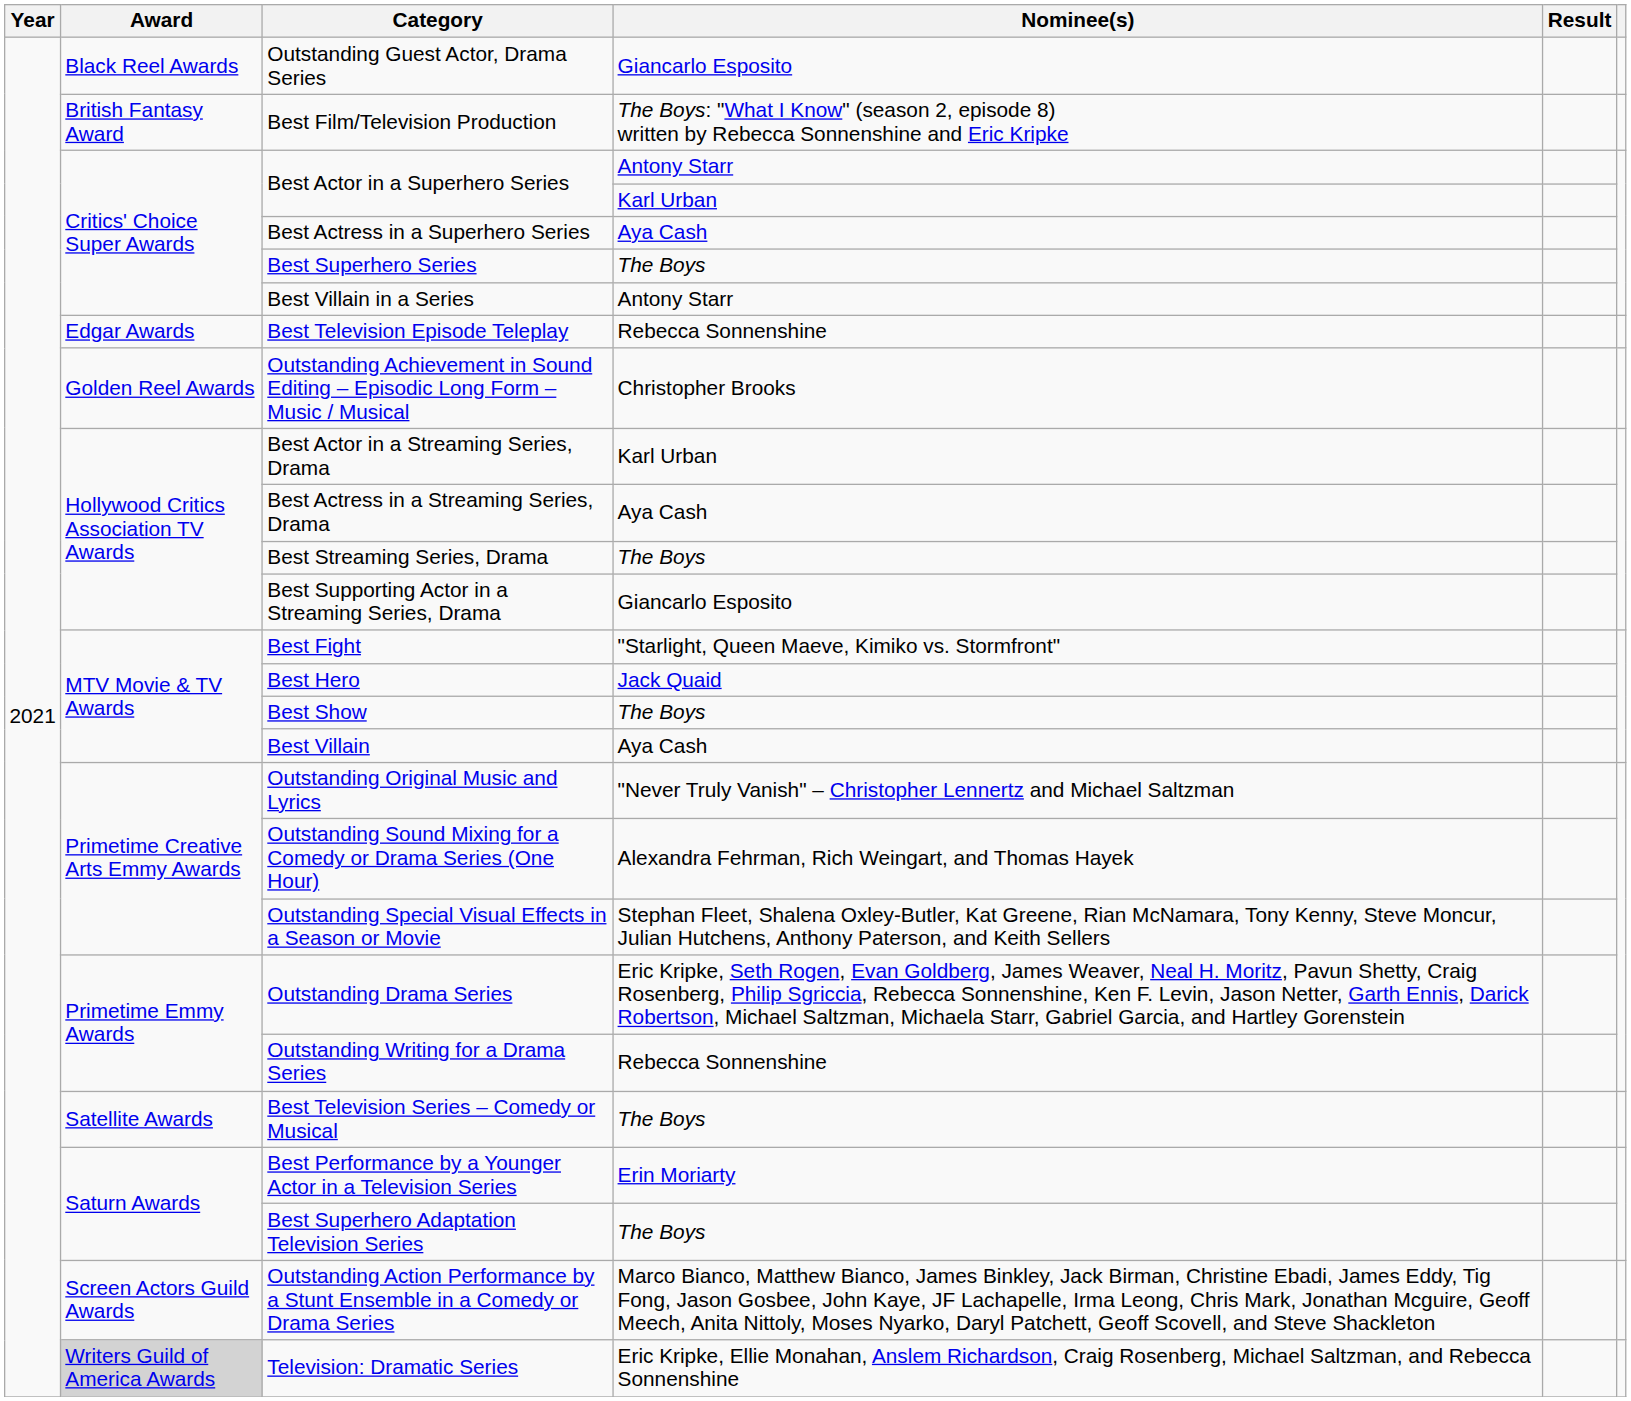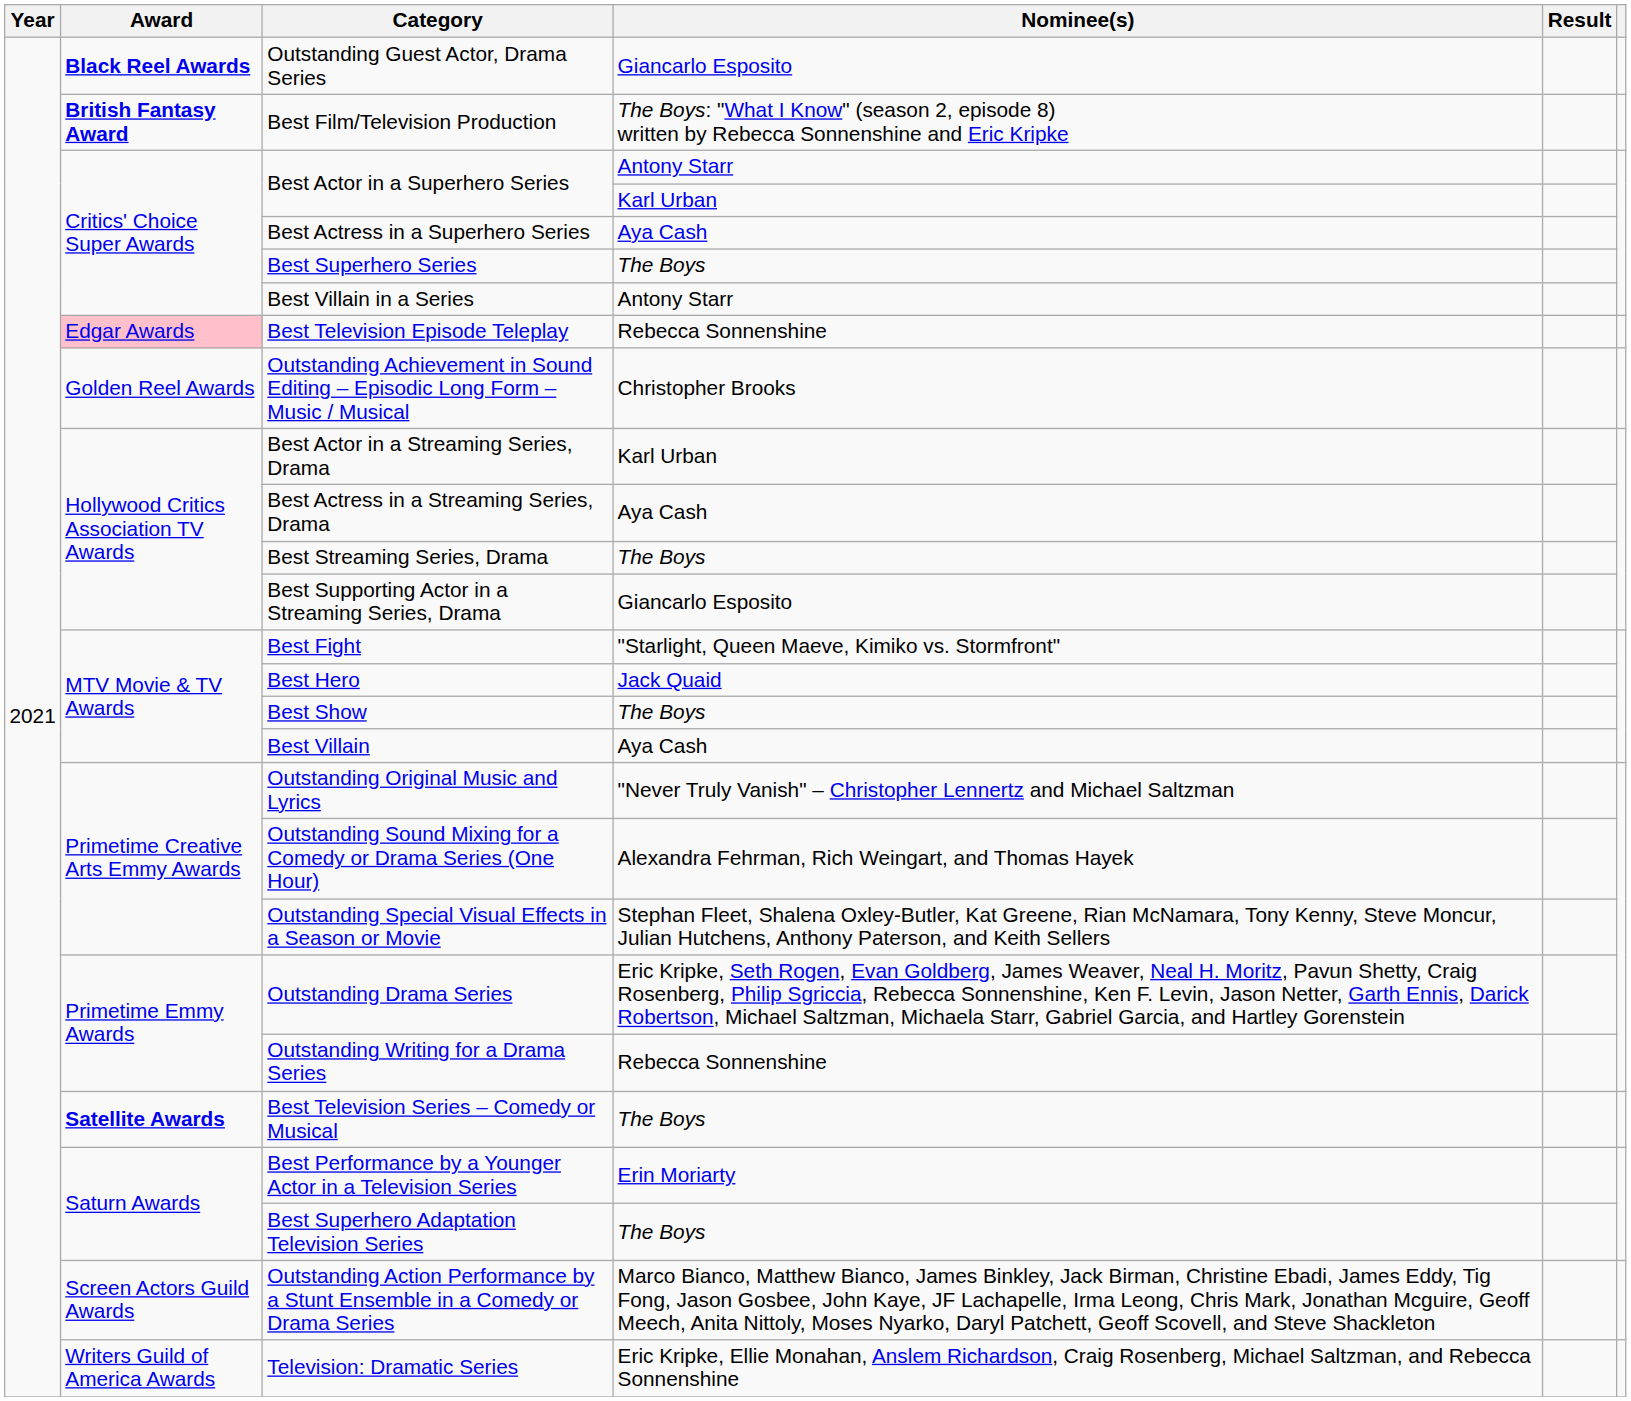 <table class="wikitable sortable">
 <tr>
 <th>Year</th>
 <th>Award</th>
 <th>Category</th>
 <th>Nominee(s)</th>
 <th>Result</th>
 <th class="unsortable"></th>
 </tr>
 <tr>
 <td style="text-align: center;" rowspan="27">2021</td>
-<td><a href='#'>Black Reel Awards</a></td>
+<td><strong><a href='#'>Black Reel Awards</a></strong></td>
 <td>Outstanding Guest Actor, Drama Series</td>
 <td><a href='#'>Giancarlo Esposito</a></td>
 <td></td>
 <td style="text-align: center;"></td>
 </tr>
 <tr>
-<td><a href='#'>British Fantasy Award</a></td>
+<td><strong><a href='#'>British Fantasy Award</a></strong></td>
 <td>Best Film/Television Production</td>
 <td><em>The Boys</em>: "<a href='#'>What I Know</a>" (season 2, episode 8)<br>written by Rebecca Sonnenshine and <a href='#'>Eric Kripke</a></td>
 <td></td>
 <td style="text-align: center;"></td>
 </tr>
 <tr>
 <td rowspan="5"><a href='#'>Critics' Choice Super Awards</a></td>
 <td rowspan="2">Best Actor in a Superhero Series</td>
 <td data-sort-value="Starr, Anthony"><a href='#'>Antony Starr</a></td>
 <td></td>
 <td rowspan="5" style="text-align: center;"></td>
 </tr>
 <tr>
 <td data-sort-value="Urban, Karl"><a href='#'>Karl Urban</a></td>
 <td></td>
 </tr>
 <tr>
 <td>Best Actress in a Superhero Series</td>
 <td data-sort-value="Cash, Aya"><a href='#'>Aya Cash</a></td>
 <td></td>
 </tr>
 <tr>
 <td><a href='#'>Best Superhero Series</a></td>
 <td data-sort-value="Boys, The"><em>The Boys</em></td>
 <td></td>
 </tr>
 <tr>
 <td>Best Villain in a Series</td>
 <td data-sort-value="Starr, Anthony">Antony Starr</td>
 <td></td>
 </tr>
 <tr>
-<td><a href='#'>Edgar Awards</a></td>
+<td style="background: pink;"><a href='#'>Edgar Awards</a></td>
 <td><a href='#'>Best Television Episode Teleplay</a></td>
 <td>Rebecca Sonnenshine </td>
 <td></td>
 <td style="text-align: center;"></td>
 </tr>
 <tr>
 <td><a href='#'>Golden Reel Awards</a></td>
 <td><a href='#'>Outstanding Achievement in Sound Editing – Episodic Long Form – Music / Musical</a></td>
 <td data-sort-value="Brooks, Christopher">Christopher Brooks </td>
 <td></td>
 <td style="text-align: center;"></td>
 </tr>
 <tr>
 <td rowspan="4"><a href='#'>Hollywood Critics Association TV Awards</a></td>
 <td>Best Actor in a Streaming Series, Drama</td>
 <td data-sort-value="Urban, Karl">Karl Urban</td>
 <td></td>
 <td rowspan="4" style="text-align:center;"></td>
 </tr>
 <tr>
 <td>Best Actress in a Streaming Series, Drama</td>
 <td data-sort-value="Cash, Aya">Aya Cash</td>
 <td></td>
 </tr>
 <tr>
 <td>Best Streaming Series, Drama</td>
 <td data-sort-value="Boys, The"><em>The Boys</em></td>
 <td></td>
 </tr>
 <tr>
 <td>Best Supporting Actor in a Streaming Series, Drama</td>
 <td data-sort-value="Esposito, Giancarlo">Giancarlo Esposito</td>
 <td></td>
 </tr>
 <tr>
 <td rowspan="4"><a href='#'>MTV Movie & TV Awards</a></td>
 <td><a href='#'>Best Fight</a></td>
 <td data-sort-value="Starlight, Queen Maeve, Kimiko vs. Stormfront">"Starlight, Queen Maeve, Kimiko vs. Stormfront"</td>
 <td></td>
 <td rowspan="4" style="text-align: center;"></td>
 </tr>
 <tr>
 <td><a href='#'>Best Hero</a></td>
 <td data-sort-value="Quaid, Jack"><a href='#'>Jack Quaid</a></td>
 <td></td>
 </tr>
 <tr>
 <td><a href='#'>Best Show</a></td>
 <td data-sort-value="Boys, The"><em>The Boys</em></td>
 <td></td>
 </tr>
 <tr>
 <td><a href='#'>Best Villain</a></td>
 <td data-sort-value="Cash, Aya">Aya Cash</td>
 <td></td>
 </tr>
 <tr>
 <td rowspan="3"><a href='#'>Primetime Creative Arts Emmy Awards</a></td>
 <td><a href='#'>Outstanding Original Music and Lyrics</a></td>
 <td data-sort-value="Never Truly Vanish">"Never Truly Vanish" – <a href='#'>Christopher Lennertz</a> and Michael Saltzman </td>
 <td></td>
 <td rowspan="5" style="text-align:center;"></td>
 </tr>
 <tr>
 <td><a href='#'>Outstanding Sound Mixing for a Comedy or Drama Series (One Hour)</a></td>
 <td data-sort-value="Fehrman, Alexandra, Rich Weingart">Alexandra Fehrman, Rich Weingart, and Thomas Hayek </td>
 <td></td>
 </tr>
 <tr>
 <td><a href='#'>Outstanding Special Visual Effects in a Season or Movie</a></td>
 <td data-sort-value="Fleet, Stephan, Shalena Oxley-Butler">Stephan Fleet, Shalena Oxley-Butler, Kat Greene, Rian McNamara, Tony Kenny, Steve Moncur, Julian Hutchens, Anthony Paterson, and Keith Sellers</td>
 <td></td>
 </tr>
 <tr>
 <td rowspan="2"><a href='#'>Primetime Emmy Awards</a></td>
 <td><a href='#'>Outstanding Drama Series</a></td>
 <td data-sort-value="Kripke, Eric, Seth Rogen, Evan Goldberg">Eric Kripke, <a href='#'>Seth Rogen</a>, <a href='#'>Evan Goldberg</a>, James Weaver, <a href='#'>Neal H. Moritz</a>, Pavun Shetty, Craig Rosenberg, <a href='#'>Philip Sgriccia</a>, Rebecca Sonnenshine, Ken F. Levin, Jason Netter, <a href='#'>Garth Ennis</a>, <a href='#'>Darick Robertson</a>, Michael Saltzman, Michaela Starr, Gabriel Garcia, and Hartley Gorenstein</td>
 <td></td>
 </tr>
 <tr>
 <td><a href='#'>Outstanding Writing for a Drama Series</a></td>
 <td data-sort-value="Sonnenshine, Rebecca">Rebecca Sonnenshine </td>
 <td></td>
 </tr>
 <tr>
-<td><a href='#'>Satellite Awards</a></td>
+<td><strong><a href='#'>Satellite Awards</a></strong></td>
 <td><a href='#'>Best Television Series – Comedy or Musical</a></td>
 <td data-sort-value="Boys, The"><em>The Boys</em></td>
 <td></td>
 <td style="text-align: center;"></td>
 </tr>
 <tr>
 <td rowspan="2"><a href='#'>Saturn Awards</a></td>
 <td><a href='#'>Best Performance by a Younger Actor in a Television Series</a></td>
 <td data-sort-value="Moriarty, Erin"><a href='#'>Erin Moriarty</a></td>
 <td></td>
 <td rowspan="2" style="text-align:center;"></td>
 </tr>
 <tr>
 <td><a href='#'>Best Superhero Adaptation Television Series</a></td>
 <td data-sort-value="Boys, The"><em>The Boys</em></td>
 <td></td>
 </tr>
 <tr>
 <td><a href='#'>Screen Actors Guild Awards</a></td>
 <td><a href='#'>Outstanding Action Performance by a Stunt Ensemble in a Comedy or Drama Series</a></td>
 <td>Marco Bianco, Matthew Bianco, James Binkley, Jack Birman, Christine Ebadi, James Eddy, Tig Fong, Jason Gosbee, John Kaye, JF Lachapelle, Irma Leong, Chris Mark, Jonathan Mcguire, Geoff Meech, Anita Nittoly, Moses Nyarko, Daryl Patchett, Geoff Scovell, and Steve Shackleton</td>
 <td></td>
 <td style="text-align: center;"></td>
 </tr>
 <tr>
-<td style="background: lightgrey;"><a href='#'>Writers Guild of America Awards</a></td>
+<td><a href='#'>Writers Guild of America Awards</a></td>
 <td><a href='#'>Television: Dramatic Series</a></td>
 <td data-sort-value="Kripke, Eric, Ellie Monahan">Eric Kripke, Ellie Monahan, <a href='#'>Anslem Richardson</a>, Craig Rosenberg, Michael Saltzman, and Rebecca Sonnenshine</td>
 <td></td>
 <td style="text-align: center;"></td>
 </tr>
 </table>
